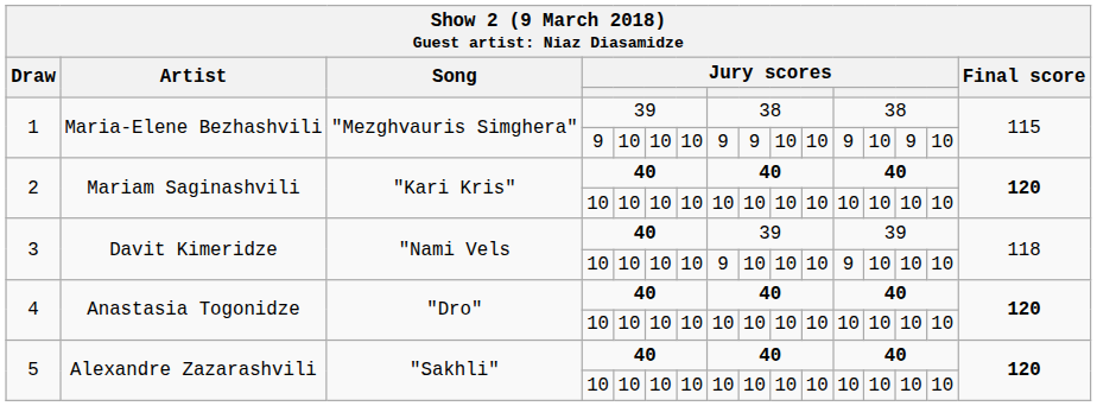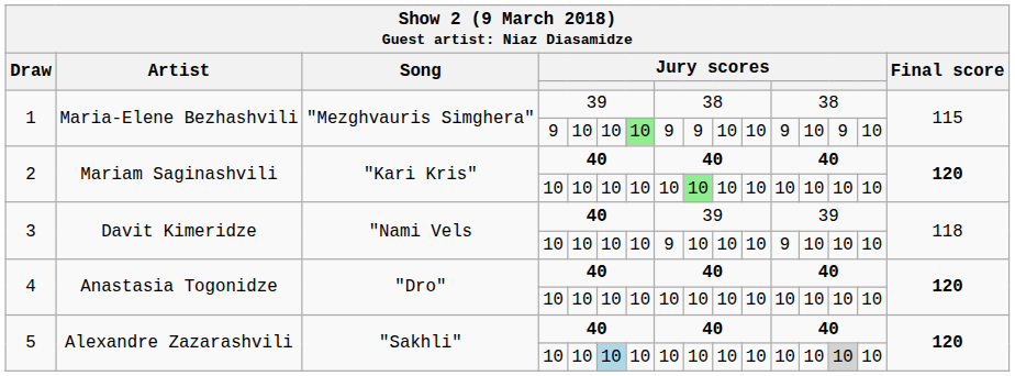 <table class="sortable wikitable" style="text-align:center;margin:1em auto 1em auto">
 <tr>
 <th colspan="16" scope="col">Show 2 (9 March 2018)<br><small>Guest artist: Niaz Diasamidze</small></th>
 </tr>
 <tr>
 <th rowspan="2">Draw</th>
 <th rowspan="2">Artist</th>
 <th rowspan="2">Song</th>
 <th colspan="12" class="unsortable" scope="col">Jury scores</th>
 <th rowspan="2">Final score</th>
 </tr>
 <tr>
 <th colspan="4"><small></small></th>
 <th colspan="4"><small></small></th>
 <th colspan="4"><small></small></th>
 </tr>
 <tr>
 <td rowspan="2">1</td>
 <td rowspan="2">Maria-Elene Bezhashvili</td>
 <td rowspan="2">"Mezghvauris Simghera"<br></td>
 <td colspan="4">39</td>
 <td colspan="4">38</td>
 <td colspan="4">38</td>
 <td rowspan="2">115</td>
 </tr>
 <tr>
 <td>9</td>
 <td>10</td>
 <td>10</td>
-<td>10</td>
+<td style="background: lightgreen;">10</td>
 <td>9</td>
 <td>9</td>
 <td>10</td>
 <td>10</td>
 <td>9</td>
 <td>10</td>
 <td>9</td>
 <td>10</td>
 </tr>
 <tr>
 <td rowspan="2">2</td>
 <td rowspan="2">Mariam Saginashvili</td>
 <td rowspan="2">"Kari Kris"<br></td>
 <td colspan="4"><strong>40</strong></td>
 <td colspan="4"><strong>40</strong></td>
 <td colspan="4"><strong>40</strong></td>
 <td rowspan="2"><strong>120</strong></td>
 </tr>
 <tr>
 <td>10</td>
 <td>10</td>
 <td>10</td>
 <td>10</td>
 <td>10</td>
-<td>10</td>
+<td style="background: lightgreen;">10</td>
 <td>10</td>
 <td>10</td>
 <td>10</td>
 <td>10</td>
 <td>10</td>
 <td>10</td>
 </tr>
 <tr>
 <td rowspan="2">3</td>
 <td rowspan="2">Davit Kimeridze</td>
 <td rowspan="2">"Nami Vels<br></td>
 <td colspan="4"><strong>40</strong></td>
 <td colspan="4">39</td>
 <td colspan="4">39</td>
 <td rowspan="2">118</td>
 </tr>
 <tr>
 <td>10</td>
 <td>10</td>
 <td>10</td>
 <td>10</td>
 <td>9</td>
 <td>10</td>
 <td>10</td>
 <td>10</td>
 <td>9</td>
 <td>10</td>
 <td>10</td>
 <td>10</td>
 </tr>
 <tr>
 <td rowspan="2">4</td>
 <td rowspan="2">Anastasia Togonidze</td>
 <td rowspan="2">"Dro"<br></td>
 <td colspan="4"><strong>40</strong></td>
 <td colspan="4"><strong>40</strong></td>
 <td colspan="4"><strong>40</strong></td>
 <td rowspan="2"><strong>120</strong></td>
 </tr>
 <tr>
 <td>10</td>
 <td>10</td>
 <td>10</td>
 <td>10</td>
 <td>10</td>
 <td>10</td>
 <td>10</td>
 <td>10</td>
 <td>10</td>
 <td>10</td>
 <td>10</td>
 <td>10</td>
 </tr>
 <tr>
 <td rowspan="2">5</td>
 <td rowspan="2">Alexandre Zazarashvili</td>
 <td rowspan="2">"Sakhli"<br></td>
 <td colspan="4"><strong>40</strong></td>
 <td colspan="4"><strong>40</strong></td>
 <td colspan="4"><strong>40</strong></td>
 <td rowspan="2"><strong>120</strong></td>
 </tr>
 <tr>
 <td>10</td>
 <td>10</td>
+<td style="background: lightblue;">10</td>
 <td>10</td>
 <td>10</td>
 <td>10</td>
 <td>10</td>
 <td>10</td>
 <td>10</td>
 <td>10</td>
-<td>10</td>
-<td>10</td>
+<td style="background: lightgrey;">10</td>
 <td>10</td>
 </tr>
 </table>
